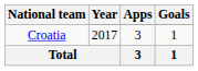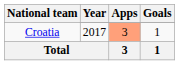 <table class="wikitable" style="text-align:center">
 <tr>
 <th>National team</th>
 <th>Year</th>
 <th>Apps</th>
 <th>Goals</th>
 </tr>
 <tr>
 <td rowspan=2><a href='#'>Croatia</a></td>
 </tr>
 <tr>
 <td>2017</td>
-<td>3</td>
+<td style="background: lightsalmon;">3</td>
 <td>1</td>
 </tr>
 <tr>
 <th colspan="2">Total</th>
 <th>3</th>
 <th>1</th>
 </tr>
 </table>
